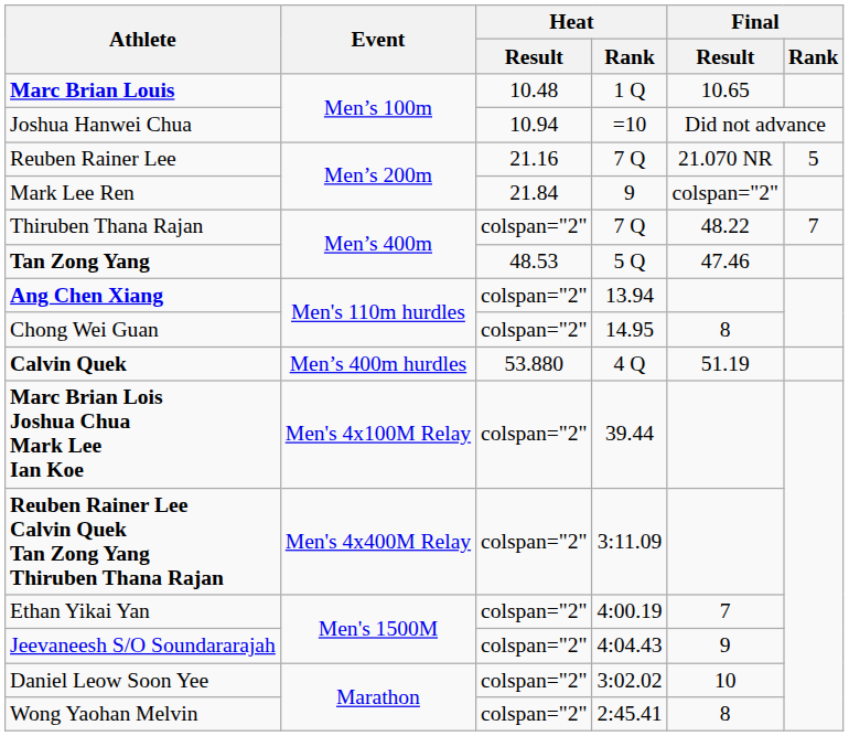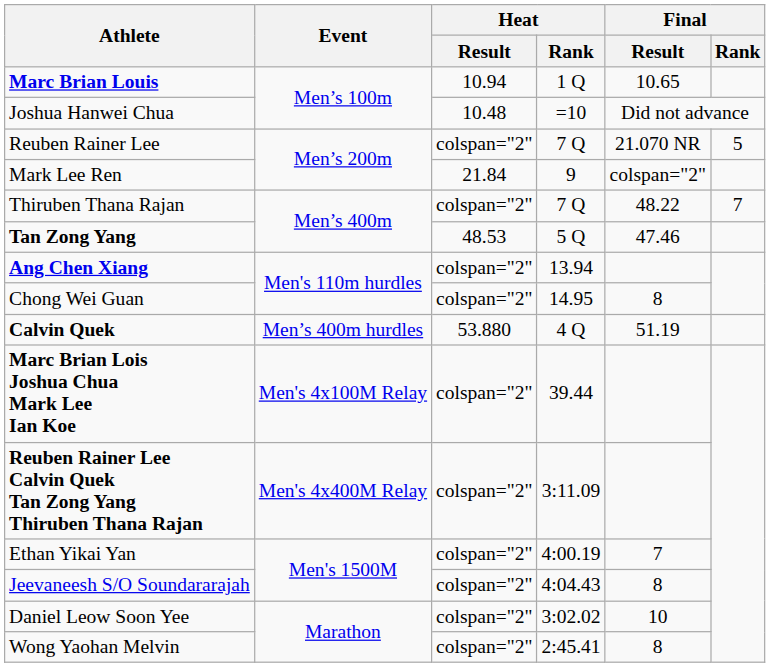 <table class="wikitable">
 <tr>
 <th rowspan="2">Athlete</th>
 <th rowspan="2">Event</th>
 <th colspan="2">Heat</th>
 <th colspan="2">Final</th>
 </tr>
 <tr>
 <th>Result</th>
 <th>Rank</th>
 <th>Result</th>
 <th>Rank</th>
 </tr>
 <tr align="center">
 <td align="left"><strong><a href='#'>Marc Brian Louis</a></strong></td>
 <td rowspan="2"><a href='#'>Men’s 100m</a></td>
-<td>10.48</td>
+<td>10.94</td>
 <td>1 Q</td>
 <td>10.65</td>
 <td></td>
 </tr>
 <tr align="center">
 <td align="left">Joshua Hanwei Chua</td>
-<td>10.94</td>
+<td>10.48</td>
 <td>=10</td>
 <td colspan="2">Did not advance</td>
 </tr>
 <tr align="center">
 <td align="left">Reuben Rainer Lee</td>
 <td rowspan="2"><a href='#'>Men’s 200m</a></td>
-<td>21.16</td>
+<td>colspan="2" </td>
 <td>7 Q</td>
 <td>21.070 NR</td>
 <td>5</td>
 </tr>
 <tr align="center">
 <td align="left">Mark Lee Ren</td>
 <td>21.84</td>
 <td>9</td>
 <td>colspan="2" </td>
 </tr>
 <tr align="center">
 <td align="left">Thiruben Thana Rajan</td>
 <td rowspan="2"><a href='#'>Men’s 400m</a></td>
 <td>colspan="2" </td>
 <td>7 Q</td>
 <td>48.22</td>
 <td>7</td>
 </tr>
 <tr align="center">
 <td align="left"><strong>Tan Zong Yang</strong></td>
 <td>48.53</td>
 <td>5 Q</td>
 <td>47.46</td>
 <td></td>
 </tr>
 <tr align=center>
 <td align=left><strong><a href='#'>Ang Chen Xiang</a></strong></td>
 <td rowspan="2"><a href='#'>Men's 110m hurdles</a></td>
 <td>colspan="2" </td>
 <td>13.94</td>
 <td></td>
 </tr>
 <tr align="center">
 <td align="left">Chong Wei Guan</td>
 <td>colspan="2" </td>
 <td>14.95</td>
 <td>8</td>
 </tr>
 <tr align=center>
 <td align=left><strong>Calvin Quek</strong></td>
 <td><a href='#'>Men’s 400m hurdles</a></td>
 <td>53.880</td>
 <td>4 Q</td>
 <td>51.19</td>
 <td></td>
 </tr>
 <tr align="center">
 <td align="left"><strong>Marc Brian Lois<br>Joshua Chua<br>Mark Lee<br>Ian Koe</strong></td>
 <td><a href='#'>Men's 4x100M Relay</a></td>
 <td>colspan="2" </td>
 <td>39.44</td>
 <td></td>
 </tr>
 <tr align=center>
 <td align=left><strong>Reuben Rainer Lee<br>Calvin Quek<br>Tan Zong Yang<br>Thiruben Thana Rajan</strong></td>
 <td><a href='#'>Men's 4x400M Relay</a></td>
 <td>colspan="2" </td>
 <td>3:11.09</td>
 <td></td>
 </tr>
 <tr align="center">
 <td align="left">Ethan Yikai Yan</td>
 <td rowspan="2"><a href='#'>Men's 1500M</a></td>
 <td>colspan="2" </td>
 <td>4:00.19</td>
 <td>7</td>
 </tr>
 <tr align="center">
 <td align="left"><a href='#'>Jeevaneesh S/O Soundararajah</a></td>
 <td>colspan="2" </td>
 <td>4:04.43</td>
-<td>9</td>
+<td>8</td>
 </tr>
 <tr align="center">
 <td align="left">Daniel Leow Soon Yee</td>
 <td rowspan="2"><a href='#'>Marathon</a></td>
 <td>colspan="2" </td>
 <td>3:02.02</td>
 <td>10</td>
 </tr>
 <tr align="center">
 <td align="left">Wong Yaohan Melvin</td>
 <td>colspan="2" </td>
 <td>2:45.41</td>
 <td>8</td>
 </tr>
 </table>
